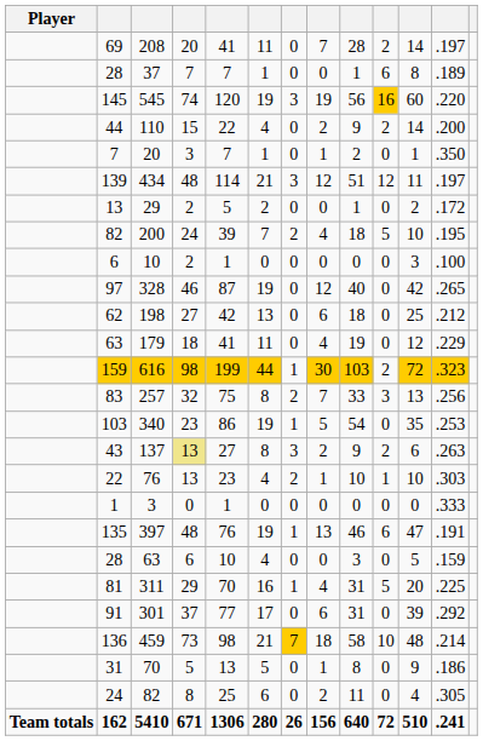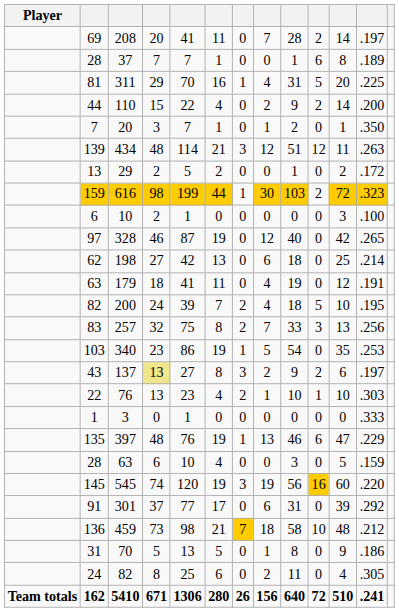 <table class="wikitable sortable">
 <tr>
 <th>Player</th>
 <th></th>
 <th></th>
 <th></th>
 <th></th>
 <th></th>
 <th></th>
 <th></th>
 <th></th>
 <th></th>
 <th></th>
 <th></th>
 <th></th>
 </tr>
 <tr align=center>
 <td></td>
 <td>69</td>
 <td>208</td>
 <td>20</td>
 <td>41</td>
 <td>11</td>
 <td>0</td>
 <td>7</td>
 <td>28</td>
 <td>2</td>
 <td>14</td>
 <td>.197</td>
 <td></td>
 </tr>
 <tr align=center>
 <td></td>
 <td>28</td>
 <td>37</td>
 <td>7</td>
 <td>7</td>
 <td>1</td>
 <td>0</td>
 <td>0</td>
 <td>1</td>
 <td>6</td>
 <td>8</td>
 <td>.189</td>
 <td></td>
 </tr>
 <tr align=center>
 <td></td>
-<td>145</td>
-<td>545</td>
-<td>74</td>
-<td>120</td>
-<td>19</td>
-<td>3</td>
-<td>19</td>
-<td>56</td>
-<td bgcolor=#ffcc00>16</td>
-<td>60</td>
-<td>.220</td>
+<td>81</td>
+<td>311</td>
+<td>29</td>
+<td>70</td>
+<td>16</td>
+<td>1</td>
+<td>4</td>
+<td>31</td>
+<td>5</td>
+<td>20</td>
+<td>.225</td>
 <td></td>
 </tr>
 <tr align=center>
 <td></td>
 <td>44</td>
 <td>110</td>
 <td>15</td>
 <td>22</td>
 <td>4</td>
 <td>0</td>
 <td>2</td>
 <td>9</td>
 <td>2</td>
 <td>14</td>
 <td>.200</td>
 <td></td>
 </tr>
 <tr align=center>
 <td></td>
 <td>7</td>
 <td>20</td>
 <td>3</td>
 <td>7</td>
 <td>1</td>
 <td>0</td>
 <td>1</td>
 <td>2</td>
 <td>0</td>
 <td>1</td>
 <td>.350</td>
 <td></td>
 </tr>
 <tr align=center>
 <td></td>
 <td>139</td>
 <td>434</td>
 <td>48</td>
 <td>114</td>
 <td>21</td>
 <td>3</td>
 <td>12</td>
 <td>51</td>
 <td>12</td>
 <td>11</td>
-<td>.197</td>
+<td>.263</td>
 <td></td>
 </tr>
 <tr align=center>
 <td></td>
 <td>13</td>
 <td>29</td>
 <td>2</td>
 <td>5</td>
 <td>2</td>
 <td>0</td>
 <td>0</td>
 <td>1</td>
 <td>0</td>
 <td>2</td>
 <td>.172</td>
 <td></td>
 </tr>
 <tr align=center>
 <td></td>
-<td>82</td>
-<td>200</td>
-<td>24</td>
-<td>39</td>
-<td>7</td>
+<td bgcolor=#ffcc00>159</td>
+<td bgcolor=#ffcc00>616</td>
+<td bgcolor=#ffcc00>98</td>
+<td bgcolor=#ffcc00>199</td>
+<td bgcolor=#ffcc00>44</td>
+<td>1</td>
+<td bgcolor=#ffcc00>30</td>
+<td bgcolor=#ffcc00>103</td>
 <td>2</td>
-<td>4</td>
-<td>18</td>
-<td>5</td>
-<td>10</td>
-<td>.195</td>
+<td bgcolor=#ffcc00>72</td>
+<td bgcolor=#ffcc00>.323</td>
 <td></td>
 </tr>
 <tr align=center>
 <td></td>
 <td>6</td>
 <td>10</td>
 <td>2</td>
 <td>1</td>
 <td>0</td>
 <td>0</td>
 <td>0</td>
 <td>0</td>
 <td>0</td>
 <td>3</td>
 <td>.100</td>
 <td></td>
 </tr>
 <tr align=center>
 <td></td>
 <td>97</td>
 <td>328</td>
 <td>46</td>
 <td>87</td>
 <td>19</td>
 <td>0</td>
 <td>12</td>
 <td>40</td>
 <td>0</td>
 <td>42</td>
 <td>.265</td>
 <td></td>
 </tr>
 <tr align=center>
 <td></td>
 <td>62</td>
 <td>198</td>
 <td>27</td>
 <td>42</td>
 <td>13</td>
 <td>0</td>
 <td>6</td>
 <td>18</td>
 <td>0</td>
 <td>25</td>
-<td>.212</td>
+<td>.214</td>
 <td></td>
 </tr>
 <tr align=center>
 <td></td>
 <td>63</td>
 <td>179</td>
 <td>18</td>
 <td>41</td>
 <td>11</td>
 <td>0</td>
 <td>4</td>
 <td>19</td>
 <td>0</td>
 <td>12</td>
-<td>.229</td>
+<td>.191</td>
 <td></td>
 </tr>
 <tr align=center>
 <td></td>
-<td bgcolor=#ffcc00>159</td>
-<td bgcolor=#ffcc00>616</td>
-<td bgcolor=#ffcc00>98</td>
-<td bgcolor=#ffcc00>199</td>
-<td bgcolor=#ffcc00>44</td>
-<td>1</td>
-<td bgcolor=#ffcc00>30</td>
-<td bgcolor=#ffcc00>103</td>
+<td>82</td>
+<td>200</td>
+<td>24</td>
+<td>39</td>
+<td>7</td>
 <td>2</td>
-<td bgcolor=#ffcc00>72</td>
-<td bgcolor=#ffcc00>.323</td>
+<td>4</td>
+<td>18</td>
+<td>5</td>
+<td>10</td>
+<td>.195</td>
 <td></td>
 </tr>
 <tr align=center>
 <td></td>
 <td>83</td>
 <td>257</td>
 <td>32</td>
 <td>75</td>
 <td>8</td>
 <td>2</td>
 <td>7</td>
 <td>33</td>
 <td>3</td>
 <td>13</td>
 <td>.256</td>
 <td></td>
 </tr>
 <tr align=center>
 <td></td>
 <td>103</td>
 <td>340</td>
 <td>23</td>
 <td>86</td>
 <td>19</td>
 <td>1</td>
 <td>5</td>
 <td>54</td>
 <td>0</td>
 <td>35</td>
 <td>.253</td>
 <td></td>
 </tr>
 <tr align=center>
 <td></td>
 <td>43</td>
 <td>137</td>
 <td style="background: khaki;">13</td>
 <td>27</td>
 <td>8</td>
 <td>3</td>
 <td>2</td>
 <td>9</td>
 <td>2</td>
 <td>6</td>
-<td>.263</td>
+<td>.197</td>
 <td></td>
 </tr>
 <tr align=center>
 <td></td>
 <td>22</td>
 <td>76</td>
 <td>13</td>
 <td>23</td>
 <td>4</td>
 <td>2</td>
 <td>1</td>
 <td>10</td>
 <td>1</td>
 <td>10</td>
 <td>.303</td>
 <td></td>
 </tr>
 <tr align=center>
 <td></td>
 <td>1</td>
 <td>3</td>
 <td>0</td>
 <td>1</td>
 <td>0</td>
 <td>0</td>
 <td>0</td>
 <td>0</td>
 <td>0</td>
 <td>0</td>
 <td>.333</td>
 <td></td>
 </tr>
 <tr align=center>
 <td></td>
 <td>135</td>
 <td>397</td>
 <td>48</td>
 <td>76</td>
 <td>19</td>
 <td>1</td>
 <td>13</td>
 <td>46</td>
 <td>6</td>
 <td>47</td>
-<td>.191</td>
+<td>.229</td>
 <td></td>
 </tr>
 <tr align=center>
 <td></td>
 <td>28</td>
 <td>63</td>
 <td>6</td>
 <td>10</td>
 <td>4</td>
 <td>0</td>
 <td>0</td>
 <td>3</td>
 <td>0</td>
 <td>5</td>
 <td>.159</td>
 <td></td>
 </tr>
 <tr align=center>
 <td></td>
-<td>81</td>
-<td>311</td>
-<td>29</td>
-<td>70</td>
-<td>16</td>
-<td>1</td>
-<td>4</td>
-<td>31</td>
-<td>5</td>
-<td>20</td>
-<td>.225</td>
+<td>145</td>
+<td>545</td>
+<td>74</td>
+<td>120</td>
+<td>19</td>
+<td>3</td>
+<td>19</td>
+<td>56</td>
+<td bgcolor=#ffcc00>16</td>
+<td>60</td>
+<td>.220</td>
 <td></td>
 </tr>
 <tr align=center>
 <td></td>
 <td>91</td>
 <td>301</td>
 <td>37</td>
 <td>77</td>
 <td>17</td>
 <td>0</td>
 <td>6</td>
 <td>31</td>
 <td>0</td>
 <td>39</td>
 <td>.292</td>
 <td></td>
 </tr>
 <tr align=center>
 <td></td>
 <td>136</td>
 <td>459</td>
 <td>73</td>
 <td>98</td>
 <td>21</td>
 <td bgcolor=#ffcc00>7</td>
 <td>18</td>
 <td>58</td>
 <td>10</td>
 <td>48</td>
-<td>.214</td>
+<td>.212</td>
 <td></td>
 </tr>
 <tr align=center>
 <td></td>
 <td>31</td>
 <td>70</td>
 <td>5</td>
 <td>13</td>
 <td>5</td>
 <td>0</td>
 <td>1</td>
 <td>8</td>
 <td>0</td>
 <td>9</td>
 <td>.186</td>
 <td></td>
 </tr>
 <tr align=center>
 <td></td>
 <td>24</td>
 <td>82</td>
 <td>8</td>
 <td>25</td>
 <td>6</td>
 <td>0</td>
 <td>2</td>
 <td>11</td>
 <td>0</td>
 <td>4</td>
 <td>.305</td>
 <td></td>
 </tr>
 <tr align=center>
 <td><strong>Team totals</strong></td>
 <td><strong>162</strong></td>
 <td><strong>5410</strong></td>
 <td><strong>671</strong></td>
 <td><strong>1306</strong></td>
 <td><strong>280</strong></td>
 <td><strong>26</strong></td>
 <td><strong>156</strong></td>
 <td><strong>640</strong></td>
 <td><strong>72</strong></td>
 <td><strong>510</strong></td>
 <td><strong>.241</strong></td>
 <td></td>
 </tr>
 </table>
